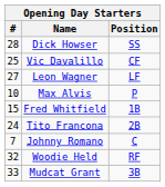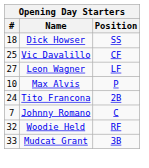 <table class="wikitable" style="text-align:center">
 <tr>
 <th colspan="3">Opening Day Starters</th>
 </tr>
 <tr>
 <th>#</th>
 <th>Name</th>
 <th>Position</th>
 </tr>
 <tr>
-<td>28</td>
+<td>18</td>
 <td><a href='#'>Dick Howser</a></td>
 <td><a href='#'>SS</a></td>
 </tr>
 <tr>
 <td>25</td>
 <td><a href='#'>Vic Davalillo</a></td>
 <td><a href='#'>CF</a></td>
 </tr>
 <tr>
 <td>27</td>
 <td><a href='#'>Leon Wagner</a></td>
 <td><a href='#'>LF</a></td>
 </tr>
 <tr>
 <td>10</td>
 <td><a href='#'>Max Alvis</a></td>
 <td><a href='#'>P</a></td>
-</tr>
-<tr>
-<td>15</td>
-<td><a href='#'>Fred Whitfield</a></td>
-<td><a href='#'>1B</a></td>
 </tr>
 <tr>
 <td>24</td>
 <td><a href='#'>Tito Francona</a></td>
 <td><a href='#'>2B</a></td>
 </tr>
 <tr>
 <td>7</td>
 <td><a href='#'>Johnny Romano</a></td>
 <td><a href='#'>C</a></td>
 </tr>
 <tr>
 <td>32</td>
 <td><a href='#'>Woodie Held</a></td>
 <td><a href='#'>RF</a></td>
 </tr>
 <tr>
 <td>33</td>
 <td><a href='#'>Mudcat Grant</a></td>
 <td><a href='#'>3B</a></td>
 </tr>
 </table>
